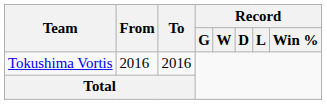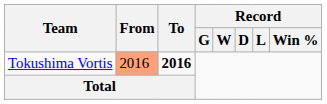 <table class="wikitable" style="text-align: center">
 <tr>
 <th rowspan="2">Team</th>
 <th rowspan="2">From</th>
 <th rowspan="2">To</th>
 <th colspan="5">Record</th>
 </tr>
 <tr>
 <th>G</th>
 <th>W</th>
 <th>D</th>
 <th>L</th>
 <th>Win %</th>
 </tr>
 <tr>
 <td align="left"><a href='#'>Tokushima Vortis</a></td>
-<td align="left">2016</td>
-<td align="left">2016<br></td>
+<td align="left" style="background: lightsalmon;">2016</td>
+<td align="left"><strong>2016<br></strong></td>
 </tr>
 <tr>
 <th colspan="3">Total<br></th>
 </tr>
 </table>
